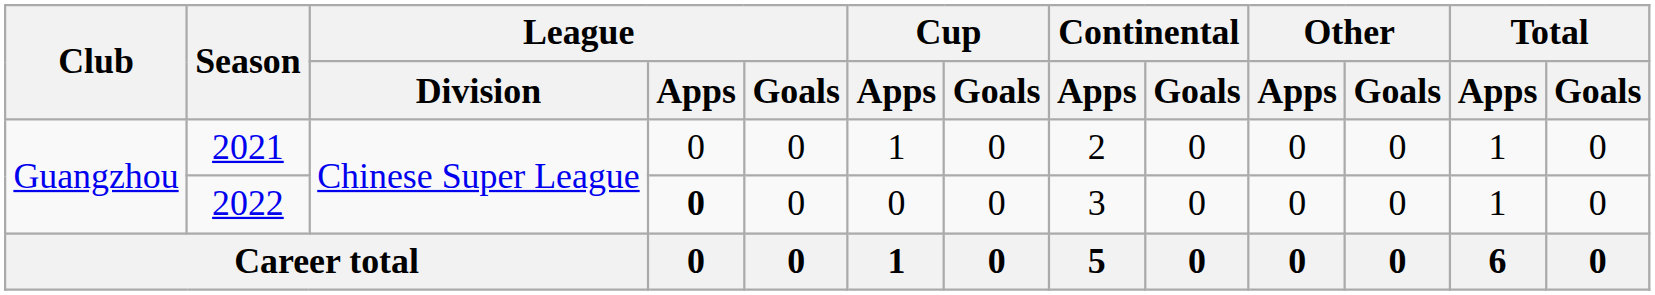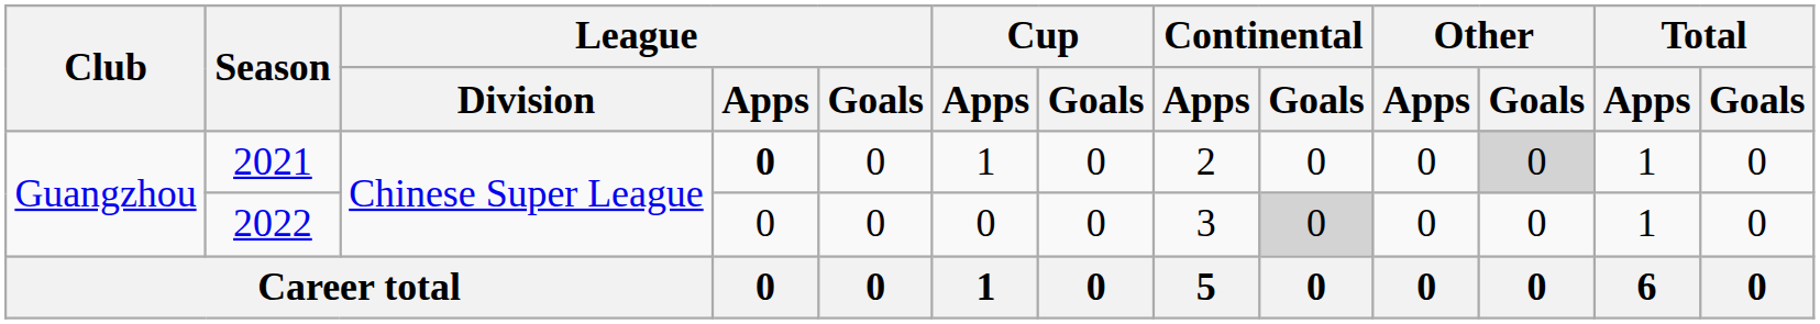 <table class="wikitable" style="text-align: center;">
 <tr>
 <th rowspan=2>Club</th>
 <th rowspan=2>Season</th>
 <th colspan=3>League</th>
 <th colspan=2>Cup</th>
 <th colspan=2>Continental</th>
 <th colspan=2>Other</th>
 <th colspan=2>Total</th>
 </tr>
 <tr>
 <th>Division</th>
 <th>Apps</th>
 <th>Goals</th>
 <th>Apps</th>
 <th>Goals</th>
 <th>Apps</th>
 <th>Goals</th>
 <th>Apps</th>
 <th>Goals</th>
 <th>Apps</th>
 <th>Goals</th>
 </tr>
 <tr>
 <td rowspan=2><a href='#'>Guangzhou</a></td>
 <td><a href='#'>2021</a></td>
 <td rowspan=2><a href='#'>Chinese Super League</a></td>
-<td>0</td>
+<td><strong>0</strong></td>
 <td>0</td>
 <td>1</td>
 <td>0</td>
 <td>2</td>
 <td>0</td>
 <td>0</td>
-<td>0</td>
+<td style="background: lightgrey;">0</td>
 <td>1</td>
 <td>0</td>
 </tr>
 <tr>
 <td><a href='#'>2022</a></td>
-<td><strong>0</strong></td>
+<td>0</td>
 <td>0</td>
 <td>0</td>
 <td>0</td>
 <td>3</td>
-<td>0</td>
+<td style="background: lightgrey;">0</td>
 <td>0</td>
 <td>0</td>
 <td>1</td>
 <td>0</td>
 </tr>
 <tr>
 <th colspan=3>Career total</th>
 <th>0</th>
 <th>0</th>
 <th>1</th>
 <th>0</th>
 <th>5</th>
 <th>0</th>
 <th>0</th>
 <th>0</th>
 <th>6</th>
 <th>0</th>
 </tr>
 </table>
